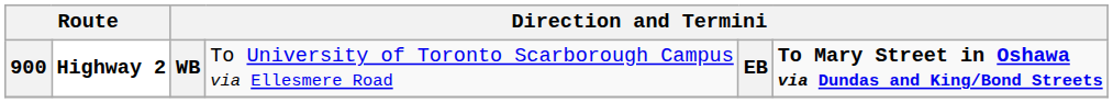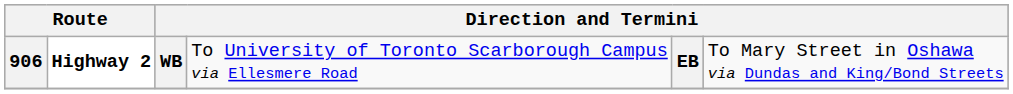 <table class=wikitable style="font-size: 90%;" |>
 <tr>
 <th colspan=2>Route</th>
 <th colspan=4>Direction and Termini</th>
 </tr>
 <tr>
-<th style="background:#"><div><strong>900</strong></div></th>
+<th style="background:#"><div><strong>906</strong></div></th>
 <td style="background:white; color:black"><strong>Highway 2</strong></td>
 <th>WB</th>
 <td>To <a href='#'>University of Toronto Scarborough Campus</a><br><small><em>via</em> <a href='#'>Ellesmere Road</a></small></td>
 <th>EB</th>
-<td><strong>To Mary Street in <a href='#'>Oshawa</a><br><small><em>via</em> <a href='#'>Dundas and King/Bond Streets</a></small></strong></td>
+<td>To Mary Street in <a href='#'>Oshawa</a><br><small><em>via</em> <a href='#'>Dundas and King/Bond Streets</a></small></td>
 </tr>
 <tr>
 </tr>
 </table>
